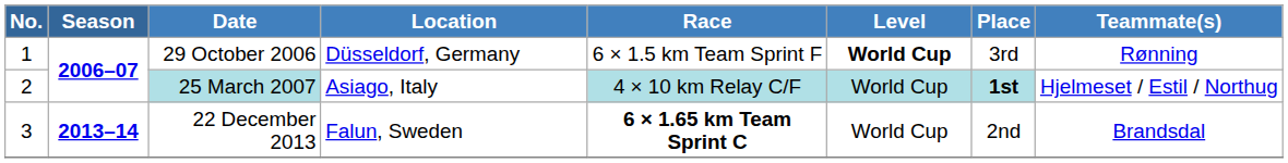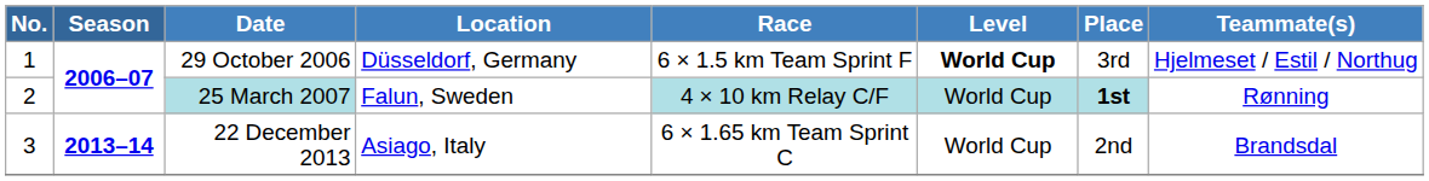 <table class="wikitable sortable" style="font-size:95%; text-align:center; border:grey solid 1px; border-collapse:collapse; background:#ffffff;">
 <tr style="background:#efefef;">
 <th style="background-color:#369; color:white;">No.</th>
 <th style="background-color:#369; color:white;">Season</th>
 <th style="background-color:#4180be; color:white; width:120px;">Date</th>
 <th style="background-color:#4180be; color:white; width:190px;">Location</th>
 <th style="background-color:#4180be; color:white; width:170px;">Race</th>
 <th style="background-color:#4180be; color:white; width:100px;">Level</th>
 <th style="background-color:#4180be; color:white;">Place</th>
 <th style="background-color:#4180be; color:white;">Teammate(s)</th>
 </tr>
 <tr>
 <td align=center>1</td>
 <td rowspan=2 align=center><strong> <a href='#'>2006–07</a> </strong></td>
 <td align=right>29 October 2006</td>
 <td align=left> <a href='#'>Düsseldorf</a>, Germany</td>
 <td>6 × 1.5 km Team Sprint F</td>
 <td><strong>World Cup</strong></td>
 <td>3rd</td>
-<td><a href='#'>Rønning</a></td>
+<td><a href='#'>Hjelmeset</a> / <a href='#'>Estil</a> / <a href='#'>Northug</a></td>
 </tr>
 <tr>
 <td align=center>2</td>
 <td bgcolor="#BOEOE6" align=right>25 March 2007</td>
-<td align=left> <a href='#'>Asiago</a>, Italy</td>
+<td align=left> <a href='#'>Falun</a>, Sweden</td>
 <td bgcolor="#BOEOE6" align=center>4 × 10 km Relay C/F</td>
 <td bgcolor="#BOEOE6">World Cup</td>
 <td bgcolor="#BOEOE6"><strong>1st</strong></td>
-<td><a href='#'>Hjelmeset</a> / <a href='#'>Estil</a> / <a href='#'>Northug</a></td>
+<td><a href='#'>Rønning</a></td>
 </tr>
 <tr>
 <td align=center>3</td>
 <td rowspan=1 align=center><strong> <a href='#'>2013–14</a> </strong></td>
 <td align=right>22 December 2013</td>
-<td align=left> <a href='#'>Falun</a>, Sweden</td>
-<td><strong>6 × 1.65 km Team Sprint C</strong></td>
+<td align=left> <a href='#'>Asiago</a>, Italy</td>
+<td>6 × 1.65 km Team Sprint C</td>
 <td>World Cup</td>
 <td>2nd</td>
 <td><a href='#'>Brandsdal</a></td>
 </tr>
 <tr>
 </tr>
 </table>
